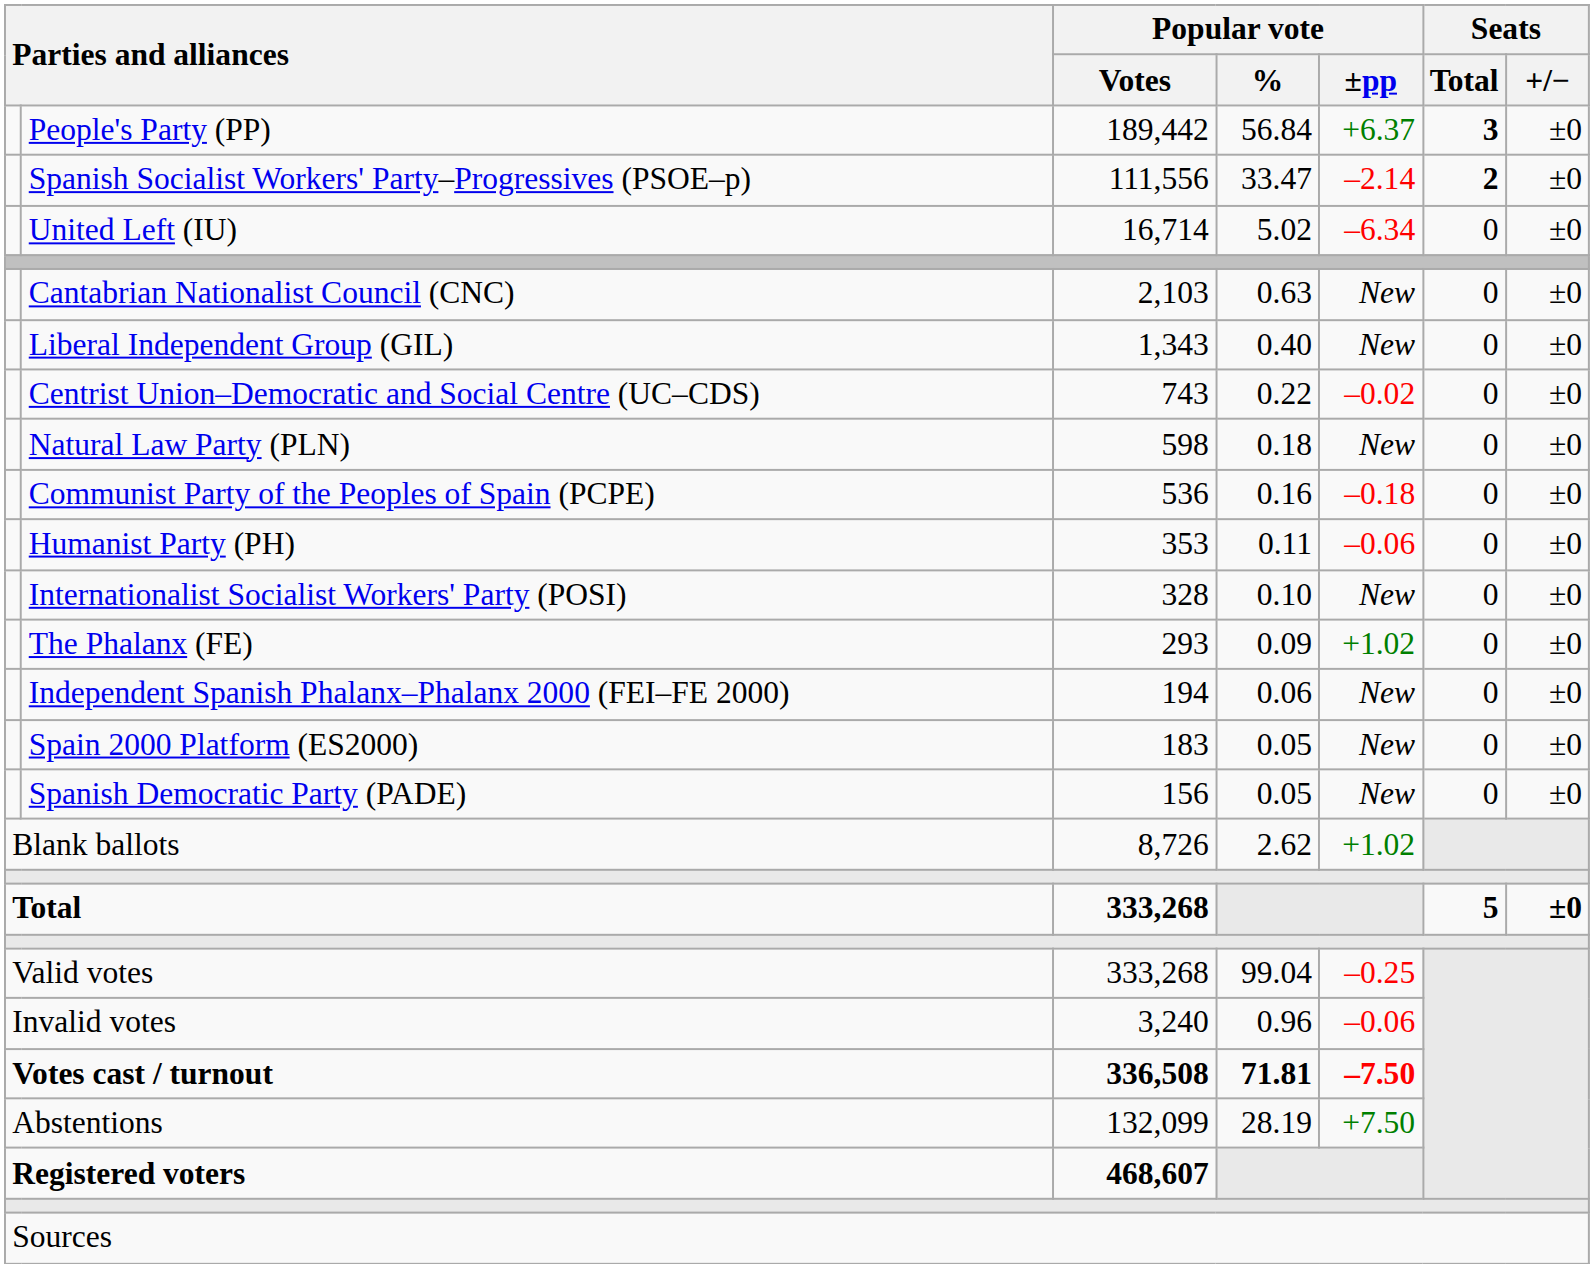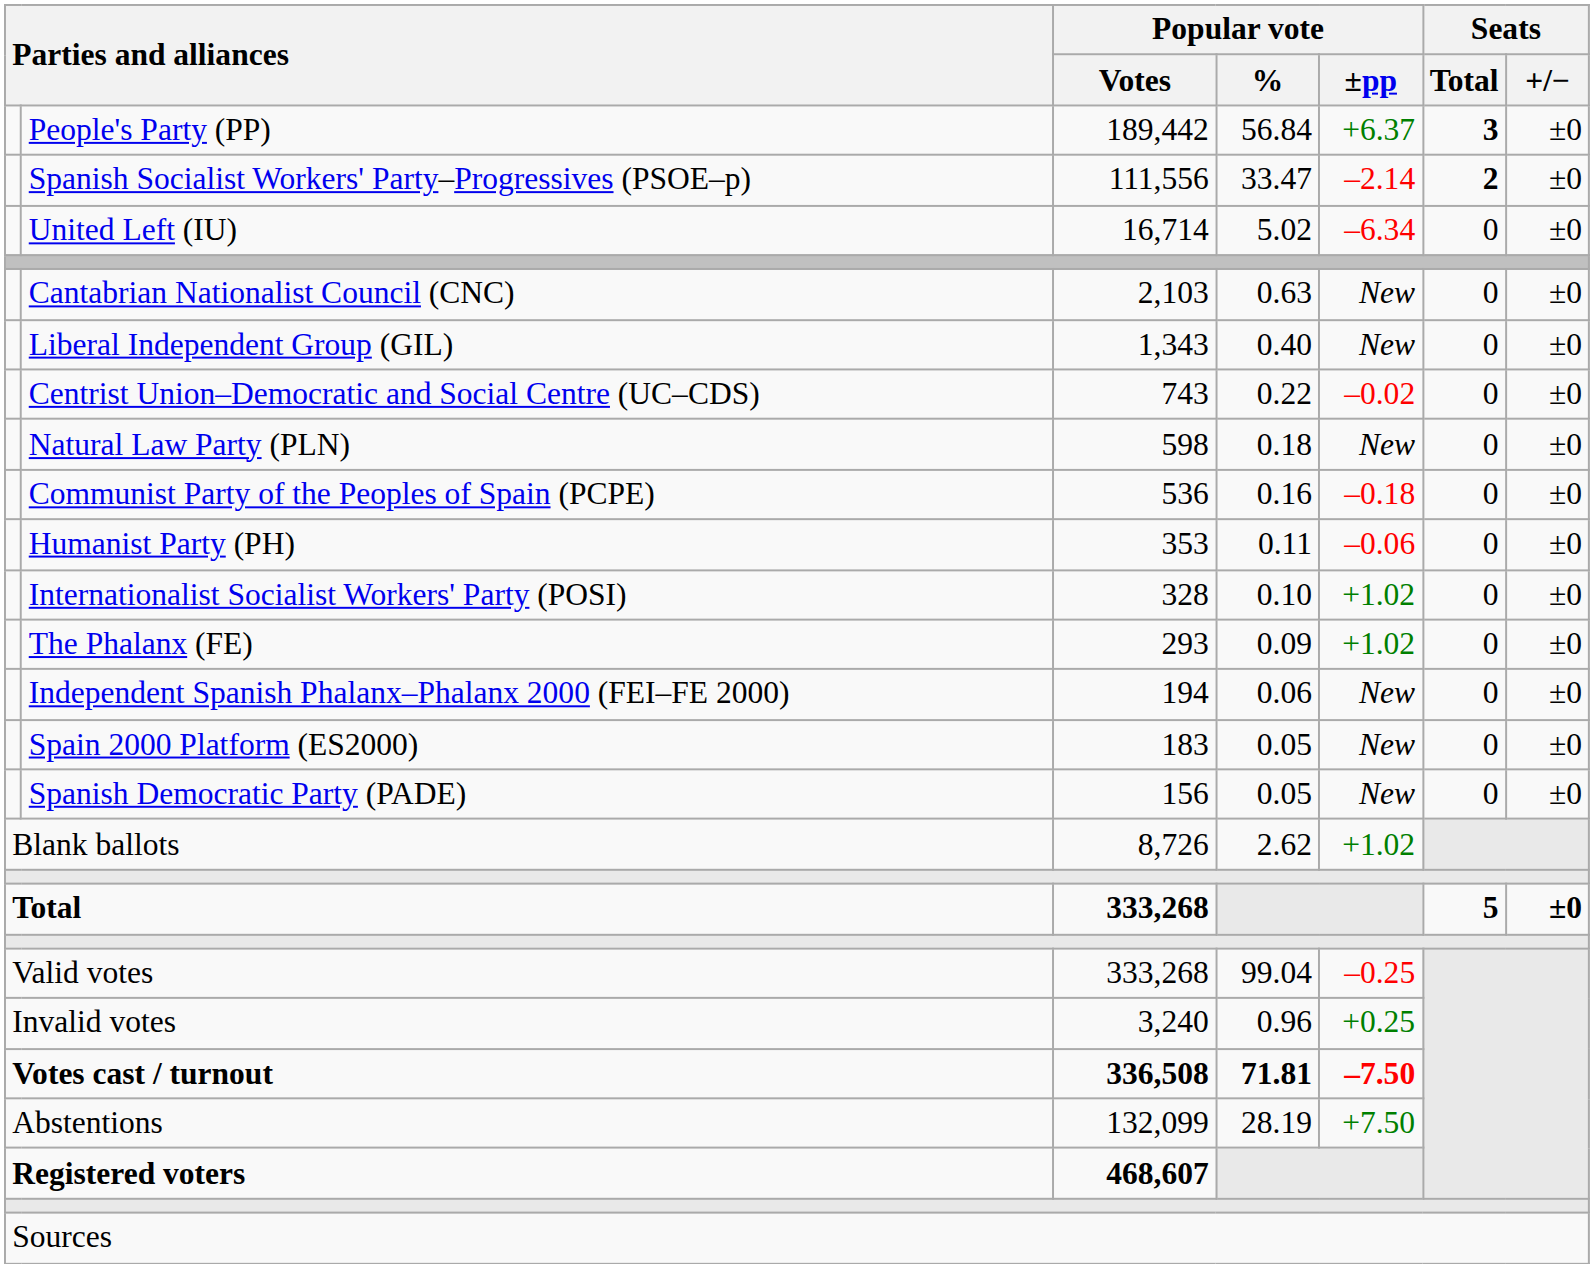 <table class="wikitable" style="text-align:right;">
 <tr>
 <th style="text-align:left;" rowspan="2" colspan="2" width="525">Parties and alliances</th>
 <th colspan="3">Popular vote</th>
 <th colspan="2">Seats</th>
 </tr>
 <tr>
 <th width="75">Votes</th>
 <th width="45">%</th>
 <th width="45">±<a href='#'>pp</a></th>
 <th width="35">Total</th>
 <th width="35">+/−</th>
 </tr>
 <tr>
 <td width="1" style="color:inherit;background:"></td>
 <td align="left"><a href='#'>People's Party</a> (PP)</td>
 <td>189,442</td>
 <td>56.84</td>
 <td style="color:green;">+6.37</td>
 <td><strong>3</strong></td>
 <td>±0</td>
 </tr>
 <tr>
 <td style="color:inherit;background:"></td>
 <td align="left"><a href='#'>Spanish Socialist Workers' Party</a>–<a href='#'>Progressives</a> (PSOE–p)</td>
 <td>111,556</td>
 <td>33.47</td>
 <td style="color:red;">–2.14</td>
 <td><strong>2</strong></td>
 <td>±0</td>
 </tr>
 <tr>
 <td style="color:inherit;background:"></td>
 <td align="left"><a href='#'>United Left</a> (IU)</td>
 <td>16,714</td>
 <td>5.02</td>
 <td style="color:red;">–6.34</td>
 <td>0</td>
 <td>±0</td>
 </tr>
 <tr>
 <td colspan="7" bgcolor="#C0C0C0"></td>
 </tr>
 <tr>
 <td style="color:inherit;background:"></td>
 <td align="left"><a href='#'>Cantabrian Nationalist Council</a> (CNC)</td>
 <td>2,103</td>
 <td>0.63</td>
 <td><em>New</em></td>
 <td>0</td>
 <td>±0</td>
 </tr>
 <tr>
 <td style="color:inherit;background:"></td>
 <td align="left"><a href='#'>Liberal Independent Group</a> (GIL)</td>
 <td>1,343</td>
 <td>0.40</td>
 <td><em>New</em></td>
 <td>0</td>
 <td>±0</td>
 </tr>
 <tr>
 <td style="color:inherit;background:"></td>
 <td align="left"><a href='#'>Centrist Union–Democratic and Social Centre</a> (UC–CDS)</td>
 <td>743</td>
 <td>0.22</td>
 <td style="color:red;">–0.02</td>
 <td>0</td>
 <td>±0</td>
 </tr>
 <tr>
 <td style="color:inherit;background:"></td>
 <td align="left"><a href='#'>Natural Law Party</a> (PLN)</td>
 <td>598</td>
 <td>0.18</td>
 <td><em>New</em></td>
 <td>0</td>
 <td>±0</td>
 </tr>
 <tr>
 <td style="color:inherit;background:"></td>
 <td align="left"><a href='#'>Communist Party of the Peoples of Spain</a> (PCPE)</td>
 <td>536</td>
 <td>0.16</td>
 <td style="color:red;">–0.18</td>
 <td>0</td>
 <td>±0</td>
 </tr>
 <tr>
 <td style="color:inherit;background:"></td>
 <td align="left"><a href='#'>Humanist Party</a> (PH)</td>
 <td>353</td>
 <td>0.11</td>
 <td style="color:red;">–0.06</td>
 <td>0</td>
 <td>±0</td>
 </tr>
 <tr>
 <td style="color:inherit;background:"></td>
 <td align="left"><a href='#'>Internationalist Socialist Workers' Party</a> (POSI)</td>
 <td>328</td>
 <td>0.10</td>
-<td><em>New</em></td>
+<td style="color:green;">+1.02</td>
 <td>0</td>
 <td>±0</td>
 </tr>
 <tr>
 <td style="color:inherit;background:"></td>
 <td align="left"><a href='#'>The Phalanx</a> (FE)</td>
 <td>293</td>
 <td>0.09</td>
 <td style="color:green;">+1.02</td>
 <td>0</td>
 <td>±0</td>
 </tr>
 <tr>
 <td style="color:inherit;background:"></td>
 <td align="left"><a href='#'>Independent Spanish Phalanx–Phalanx 2000</a> (FEI–FE 2000)</td>
 <td>194</td>
 <td>0.06</td>
 <td><em>New</em></td>
 <td>0</td>
 <td>±0</td>
 </tr>
 <tr>
 <td style="color:inherit;background:"></td>
 <td align="left"><a href='#'>Spain 2000 Platform</a> (ES2000)</td>
 <td>183</td>
 <td>0.05</td>
 <td><em>New</em></td>
 <td>0</td>
 <td>±0</td>
 </tr>
 <tr>
 <td style="color:inherit;background:"></td>
 <td align="left"><a href='#'>Spanish Democratic Party</a> (PADE)</td>
 <td>156</td>
 <td>0.05</td>
 <td><em>New</em></td>
 <td>0</td>
 <td>±0</td>
 </tr>
 <tr>
 <td align="left" colspan="2">Blank ballots</td>
 <td>8,726</td>
 <td>2.62</td>
 <td style="color:green;">+1.02</td>
 <td bgcolor="#E9E9E9" colspan="2"></td>
 </tr>
 <tr>
 <td colspan="7" bgcolor="#E9E9E9"></td>
 </tr>
 <tr style="font-weight:bold;">
 <td align="left" colspan="2">Total</td>
 <td>333,268</td>
 <td bgcolor="#E9E9E9" colspan="2"></td>
 <td>5</td>
 <td>±0</td>
 </tr>
 <tr>
 <td colspan="7" bgcolor="#E9E9E9"></td>
 </tr>
 <tr>
 <td align="left" colspan="2">Valid votes</td>
 <td>333,268</td>
 <td>99.04</td>
 <td style="color:red;">–0.25</td>
 <td bgcolor="#E9E9E9" colspan="2" rowspan="5"></td>
 </tr>
 <tr>
 <td align="left" colspan="2">Invalid votes</td>
 <td>3,240</td>
 <td>0.96</td>
-<td style="color:red;">–0.06</td>
+<td style="color:green;">+0.25</td>
 </tr>
 <tr style="font-weight:bold;">
 <td align="left" colspan="2">Votes cast / turnout</td>
 <td>336,508</td>
 <td>71.81</td>
 <td style="color:red;">–7.50</td>
 </tr>
 <tr>
 <td align="left" colspan="2">Abstentions</td>
 <td>132,099</td>
 <td>28.19</td>
 <td style="color:green;">+7.50</td>
 </tr>
 <tr style="font-weight:bold;">
 <td align="left" colspan="2">Registered voters</td>
 <td>468,607</td>
 <td bgcolor="#E9E9E9" colspan="2"></td>
 </tr>
 <tr>
 <td colspan="7" bgcolor="#E9E9E9"></td>
 </tr>
 <tr>
 <td align="left" colspan="7">Sources</td>
 </tr>
 </table>
